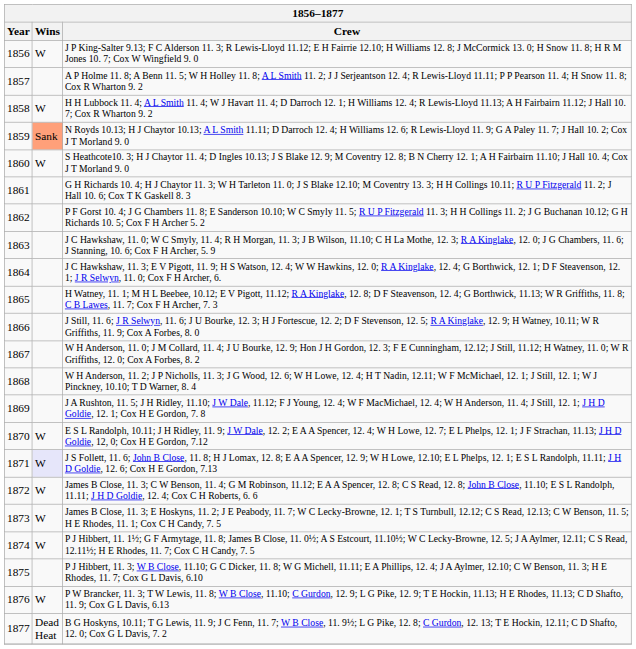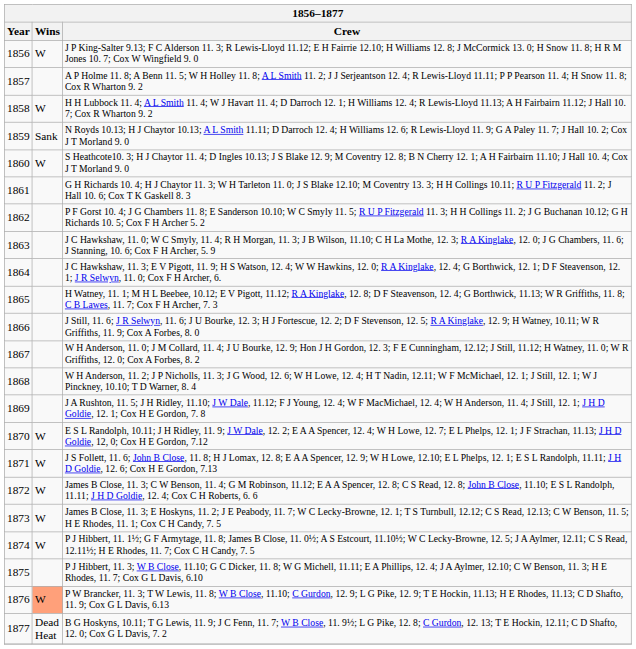 <table class="wikitable" style="width:100%;">
 <tr>
 <th colspan="3">1856–1877</th>
 </tr>
 <tr>
 <th>Year</th>
 <th>Wins</th>
 <th>Crew</th>
 </tr>
 <tr>
 <td>1856</td>
 <td>W</td>
 <td style="font-size:85%">J P King-Salter 9.13; F C Alderson 11. 3; R Lewis-Lloyd 11.12; E H Fairrie 12.10; H Williams 12. 8; J McCormick 13. 0; H Snow 11. 8; H R M Jones 10. 7; Cox W Wingfield 9. 0</td>
 </tr>
 <tr>
 <td>1857</td>
 <td></td>
 <td style="font-size:85%">A P Holme 11. 8; A Benn 11. 5; W H Holley 11. 8; <a href='#'>A L Smith</a> 11. 2; J J Serjeantson 12. 4; R Lewis-Lloyd 11.11; P P Pearson 11. 4; H Snow 11. 8; Cox R Wharton 9. 2</td>
 </tr>
 <tr>
 <td>1858</td>
 <td>W</td>
 <td style="font-size:85%">H H Lubbock 11. 4; <a href='#'>A L Smith</a> 11. 4; W J Havart 11. 4; D Darroch 12. 1; H Williams 12. 4; R Lewis-Lloyd 11.13; A H Fairbairn 11.12; J Hall 10. 7; Cox R Wharton 9. 2</td>
 </tr>
 <tr>
 <td>1859</td>
-<td style="background: lightsalmon;">Sank</td>
+<td>Sank</td>
 <td style="font-size:85%">N Royds 10.13; H J Chaytor 10.13; <a href='#'>A L Smith</a> 11.11; D Darroch 12. 4; H Williams 12. 6; R Lewis-Lloyd 11. 9; G A Paley 11. 7; J Hall 10. 2; Cox J T Morland 9. 0</td>
 </tr>
 <tr>
 <td>1860</td>
 <td>W</td>
 <td style="font-size:85%">S Heathcote10. 3; H J Chaytor 11. 4; D Ingles 10.13; J S Blake 12. 9; M Coventry 12. 8; B N Cherry 12. 1; A H Fairbairn 11.10; J Hall 10. 4; Cox J T Morland 9. 0</td>
 </tr>
 <tr>
 <td>1861</td>
 <td></td>
 <td style="font-size:85%">G H Richards 10. 4; H J Chaytor 11. 3; W H Tarleton 11. 0; J S Blake 12.10; M Coventry 13. 3; H H Collings 10.11; <a href='#'>R U P Fitzgerald</a> 11. 2; J Hall 10. 6; Cox T K Gaskell 8. 3</td>
 </tr>
 <tr>
 <td>1862</td>
 <td></td>
 <td style="font-size:85%">P F Gorst 10. 4; J G Chambers 11. 8; E Sanderson 10.10; W C Smyly 11. 5; <a href='#'>R U P Fitzgerald</a> 11. 3; H H Collings 11. 2; J G Buchanan 10.12; G H Richards 10. 5; Cox F H Archer 5. 2</td>
 </tr>
 <tr>
 <td>1863</td>
 <td></td>
 <td style="font-size:85%">J C Hawkshaw, 11. 0; W C Smyly, 11. 4; R H Morgan, 11. 3; J B Wilson, 11.10; C H La Mothe, 12. 3; <a href='#'>R A Kinglake</a>, 12. 0; J G Chambers, 11. 6; J Stanning, 10. 6; Cox F H Archer, 5. 9</td>
 </tr>
 <tr>
 <td>1864</td>
 <td></td>
 <td style="font-size:85%">J C Hawkshaw, 11. 3; E V Pigott, 11. 9; H S Watson, 12. 4; W W Hawkins, 12. 0; <a href='#'>R A Kinglake</a>, 12. 4; G Borthwick, 12. 1; D F Steavenson, 12. 1; <a href='#'>J R Selwyn</a>, 11. 0; Cox F H Archer, 6.</td>
 </tr>
 <tr>
 <td>1865</td>
 <td></td>
 <td style="font-size:85%">H Watney, 11. 1; M H L Beebee, 10.12; E V Pigott, 11.12; <a href='#'>R A Kinglake</a>, 12. 8; D F Steavenson, 12. 4; G Borthwick, 11.13; W R Griffiths, 11. 8; <a href='#'>C B Lawes</a>, 11. 7; Cox F H Archer, 7. 3</td>
 </tr>
 <tr>
 <td>1866</td>
 <td></td>
 <td style="font-size:85%">J Still, 11. 6; <a href='#'>J R Selwyn</a>, 11. 6; J U Bourke, 12. 3; H J Fortescue, 12. 2; D F Stevenson, 12. 5; <a href='#'>R A Kinglake</a>, 12. 9; H Watney, 10.11; W R Griffiths, 11. 9; Cox A Forbes, 8. 0</td>
 </tr>
 <tr>
 <td>1867</td>
 <td></td>
 <td style="font-size:85%">W H Anderson, 11. 0; J M Collard, 11. 4; J U Bourke, 12. 9; Hon J H Gordon, 12. 3; F E Cunningham, 12.12; J Still, 11.12; H Watney, 11. 0; W R Griffiths, 12. 0; Cox A Forbes, 8. 2</td>
 </tr>
 <tr>
 <td>1868</td>
 <td></td>
 <td style="font-size:85%">W H Anderson, 11. 2; J P Nicholls, 11. 3; J G Wood, 12. 6; W H Lowe, 12. 4; H T Nadin, 12.11; W F McMichael, 12. 1; J Still, 12. 1; W J Pinckney, 10.10; T D Warner, 8. 4</td>
 </tr>
 <tr>
 <td>1869</td>
 <td></td>
 <td style="font-size:85%">J A Rushton, 11. 5; J H Ridley, 11.10; <a href='#'>J W Dale</a>, 11.12; F J Young, 12. 4; W F MacMichael, 12. 4; W H Anderson, 11. 4; J Still, 12. 1; <a href='#'>J H D Goldie</a>, 12. 1; Cox H E Gordon, 7. 8</td>
 </tr>
 <tr>
 <td>1870</td>
 <td>W</td>
 <td style="font-size:85%">E S L Randolph, 10.11; J H Ridley, 11. 9; <a href='#'>J W Dale</a>, 12. 2; E A A Spencer, 12. 4; W H Lowe, 12. 7; E L Phelps, 12. 1; J F Strachan, 11.13; <a href='#'>J H D Goldie</a>, 12, 0; Cox H E Gordon, 7.12</td>
 </tr>
 <tr>
 <td>1871</td>
-<td style="background: lavender;">W</td>
+<td>W</td>
 <td style="font-size:85%">J S Follett, 11. 6; <a href='#'>John B Close</a>, 11. 8; H J Lomax, 12. 8; E A A Spencer, 12. 9; W H Lowe, 12.10; E L Phelps, 12. 1; E S L Randolph, 11.11; <a href='#'>J H D Goldie</a>, 12. 6; Cox H E Gordon, 7.13</td>
 </tr>
 <tr>
 <td>1872</td>
 <td>W</td>
 <td style="font-size:85%">James B Close, 11. 3; C W Benson, 11. 4; G M Robinson, 11.12; E A A Spencer, 12. 8; C S Read, 12. 8; <a href='#'>John B Close</a>, 11.10; E S L Randolph, 11.11; <a href='#'>J H D Goldie</a>, 12. 4; Cox C H Roberts, 6. 6</td>
 </tr>
 <tr>
 <td>1873</td>
 <td>W</td>
 <td style="font-size:85%">James B Close, 11. 3; E Hoskyns, 11. 2; J E Peabody, 11. 7; W C Lecky-Browne, 12. 1; T S Turnbull, 12.12; C S Read, 12.13; C W Benson, 11. 5; H E Rhodes, 11. 1; Cox C H Candy, 7. 5</td>
 </tr>
 <tr>
 <td>1874</td>
 <td>W</td>
 <td style="font-size:85%">P J Hibbert, 11. 1½; G F Armytage, 11. 8; James B Close, 11. 0½; A S Estcourt, 11.10½; W C Lecky-Browne, 12. 5; J A Aylmer, 12.11; C S Read, 12.11½; H E Rhodes, 11. 7; Cox C H Candy, 7. 5</td>
 </tr>
 <tr>
 <td>1875</td>
 <td></td>
 <td style="font-size:85%">P J Hibbert, 11. 3; <a href='#'>W B Close</a>, 11.10; G C Dicker, 11. 8; W G Michell, 11.11; E A Phillips, 12. 4; J A Aylmer, 12.10; C W Benson, 11. 3; H E Rhodes, 11. 7; Cox G L Davis, 6.10</td>
 </tr>
 <tr>
 <td>1876</td>
-<td>W</td>
+<td style="background: lightsalmon;">W</td>
 <td style="font-size:85%">P W Brancker, 11. 3; T W Lewis, 11. 8; <a href='#'>W B Close</a>, 11.10; <a href='#'>C Gurdon</a>, 12. 9; L G Pike, 12. 9; T E Hockin, 11.13; H E Rhodes, 11.13; C D Shafto, 11. 9; Cox G L Davis, 6.13</td>
 </tr>
 <tr>
 <td>1877</td>
 <td>Dead<br>Heat</td>
 <td style="font-size:85%">B G Hoskyns, 10.11; T G Lewis, 11. 9; J C Fenn, 11. 7; <a href='#'>W B Close</a>, 11. 9½; L G Pike, 12. 8; <a href='#'>C Gurdon</a>, 12. 13; T E Hockin, 12.11; C D Shafto, 12. 0; Cox G L Davis, 7. 2</td>
 </tr>
 <tr>
 </tr>
 </table>
